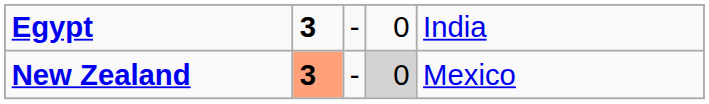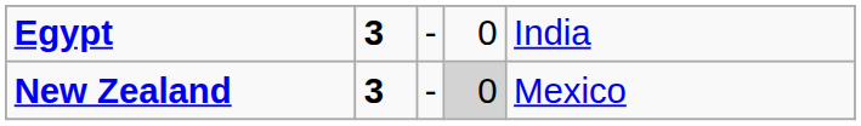 <table class="wikitable">
 <tr>
 <td width=150> <strong><a href='#'>Egypt</a></strong></td>
 <td style="width:20px; text-align:left;"><strong>3</strong></td>
 <td>-</td>
 <td style="width:20px; text-align:right;">0</td>
 <td width=150> <a href='#'>India</a></td>
 </tr>
 <tr>
 <td> <strong><a href='#'>New Zealand</a></strong></td>
-<td style="background: lightsalmon; text-align:left;"><strong>3</strong></td>
+<td style="text-align:left;"><strong>3</strong></td>
 <td>-</td>
 <td style="background: lightgrey; text-align:right;">0</td>
 <td> <a href='#'>Mexico</a></td>
 </tr>
 </table>
